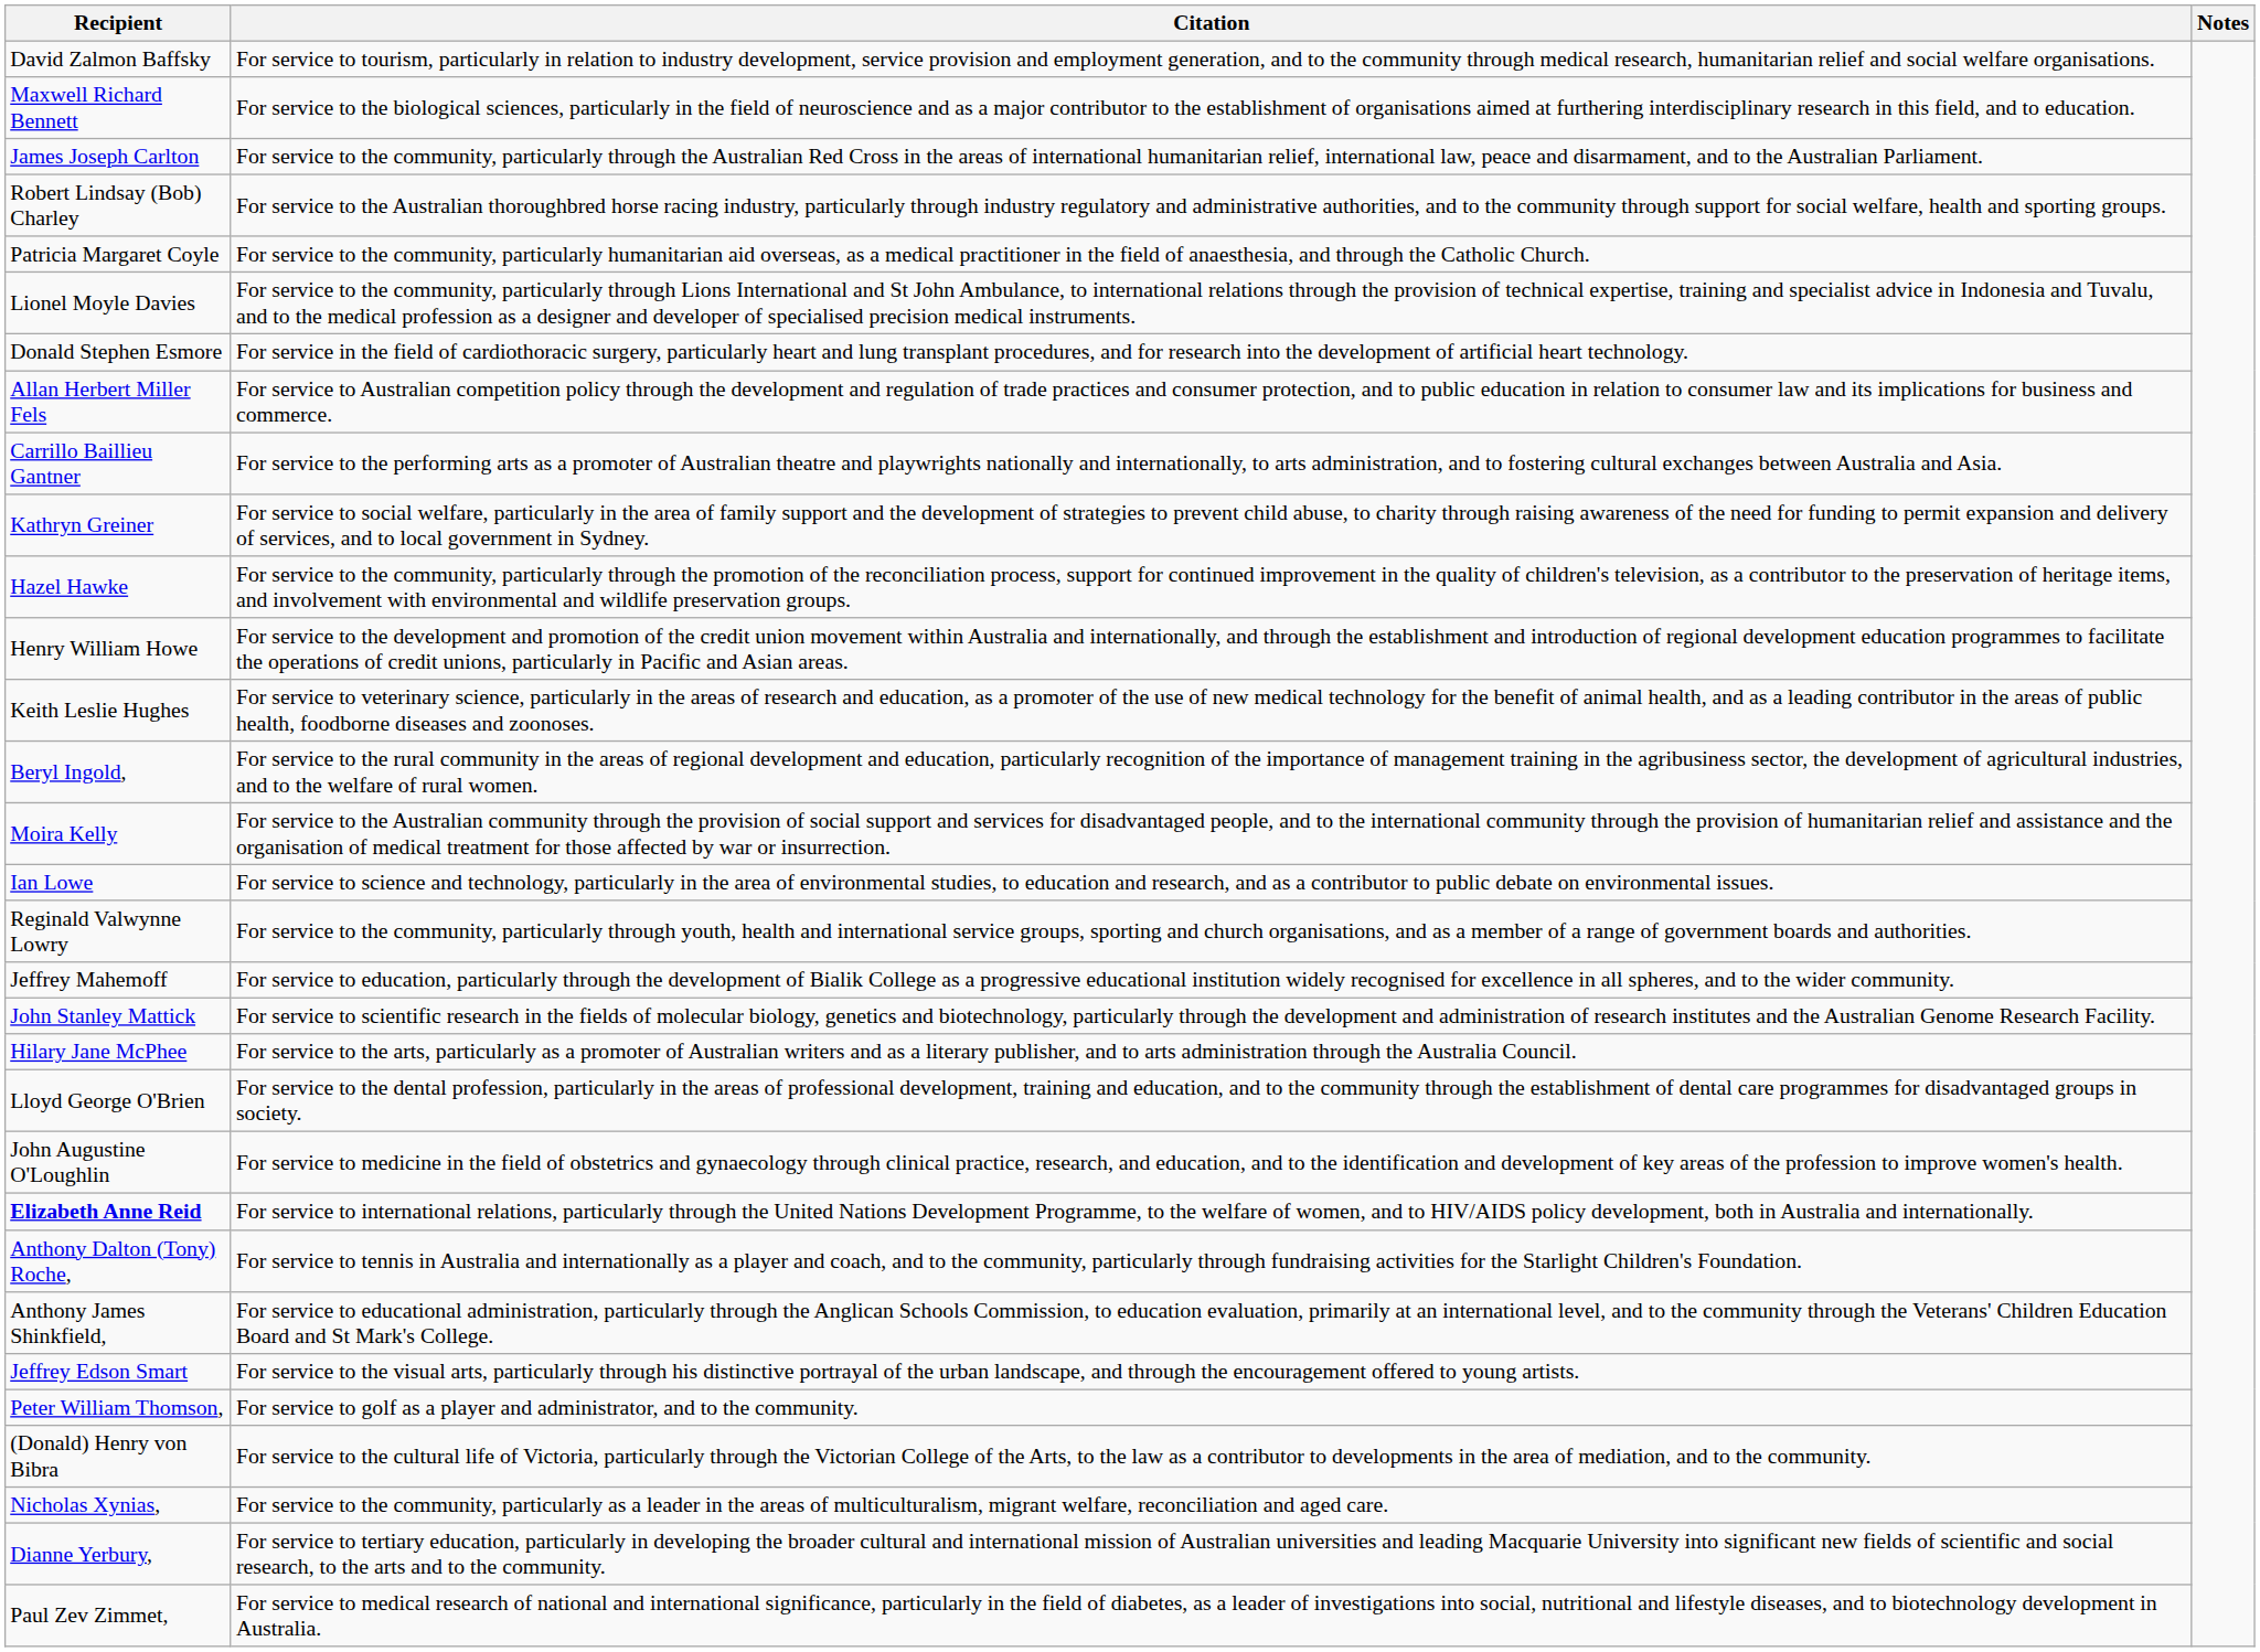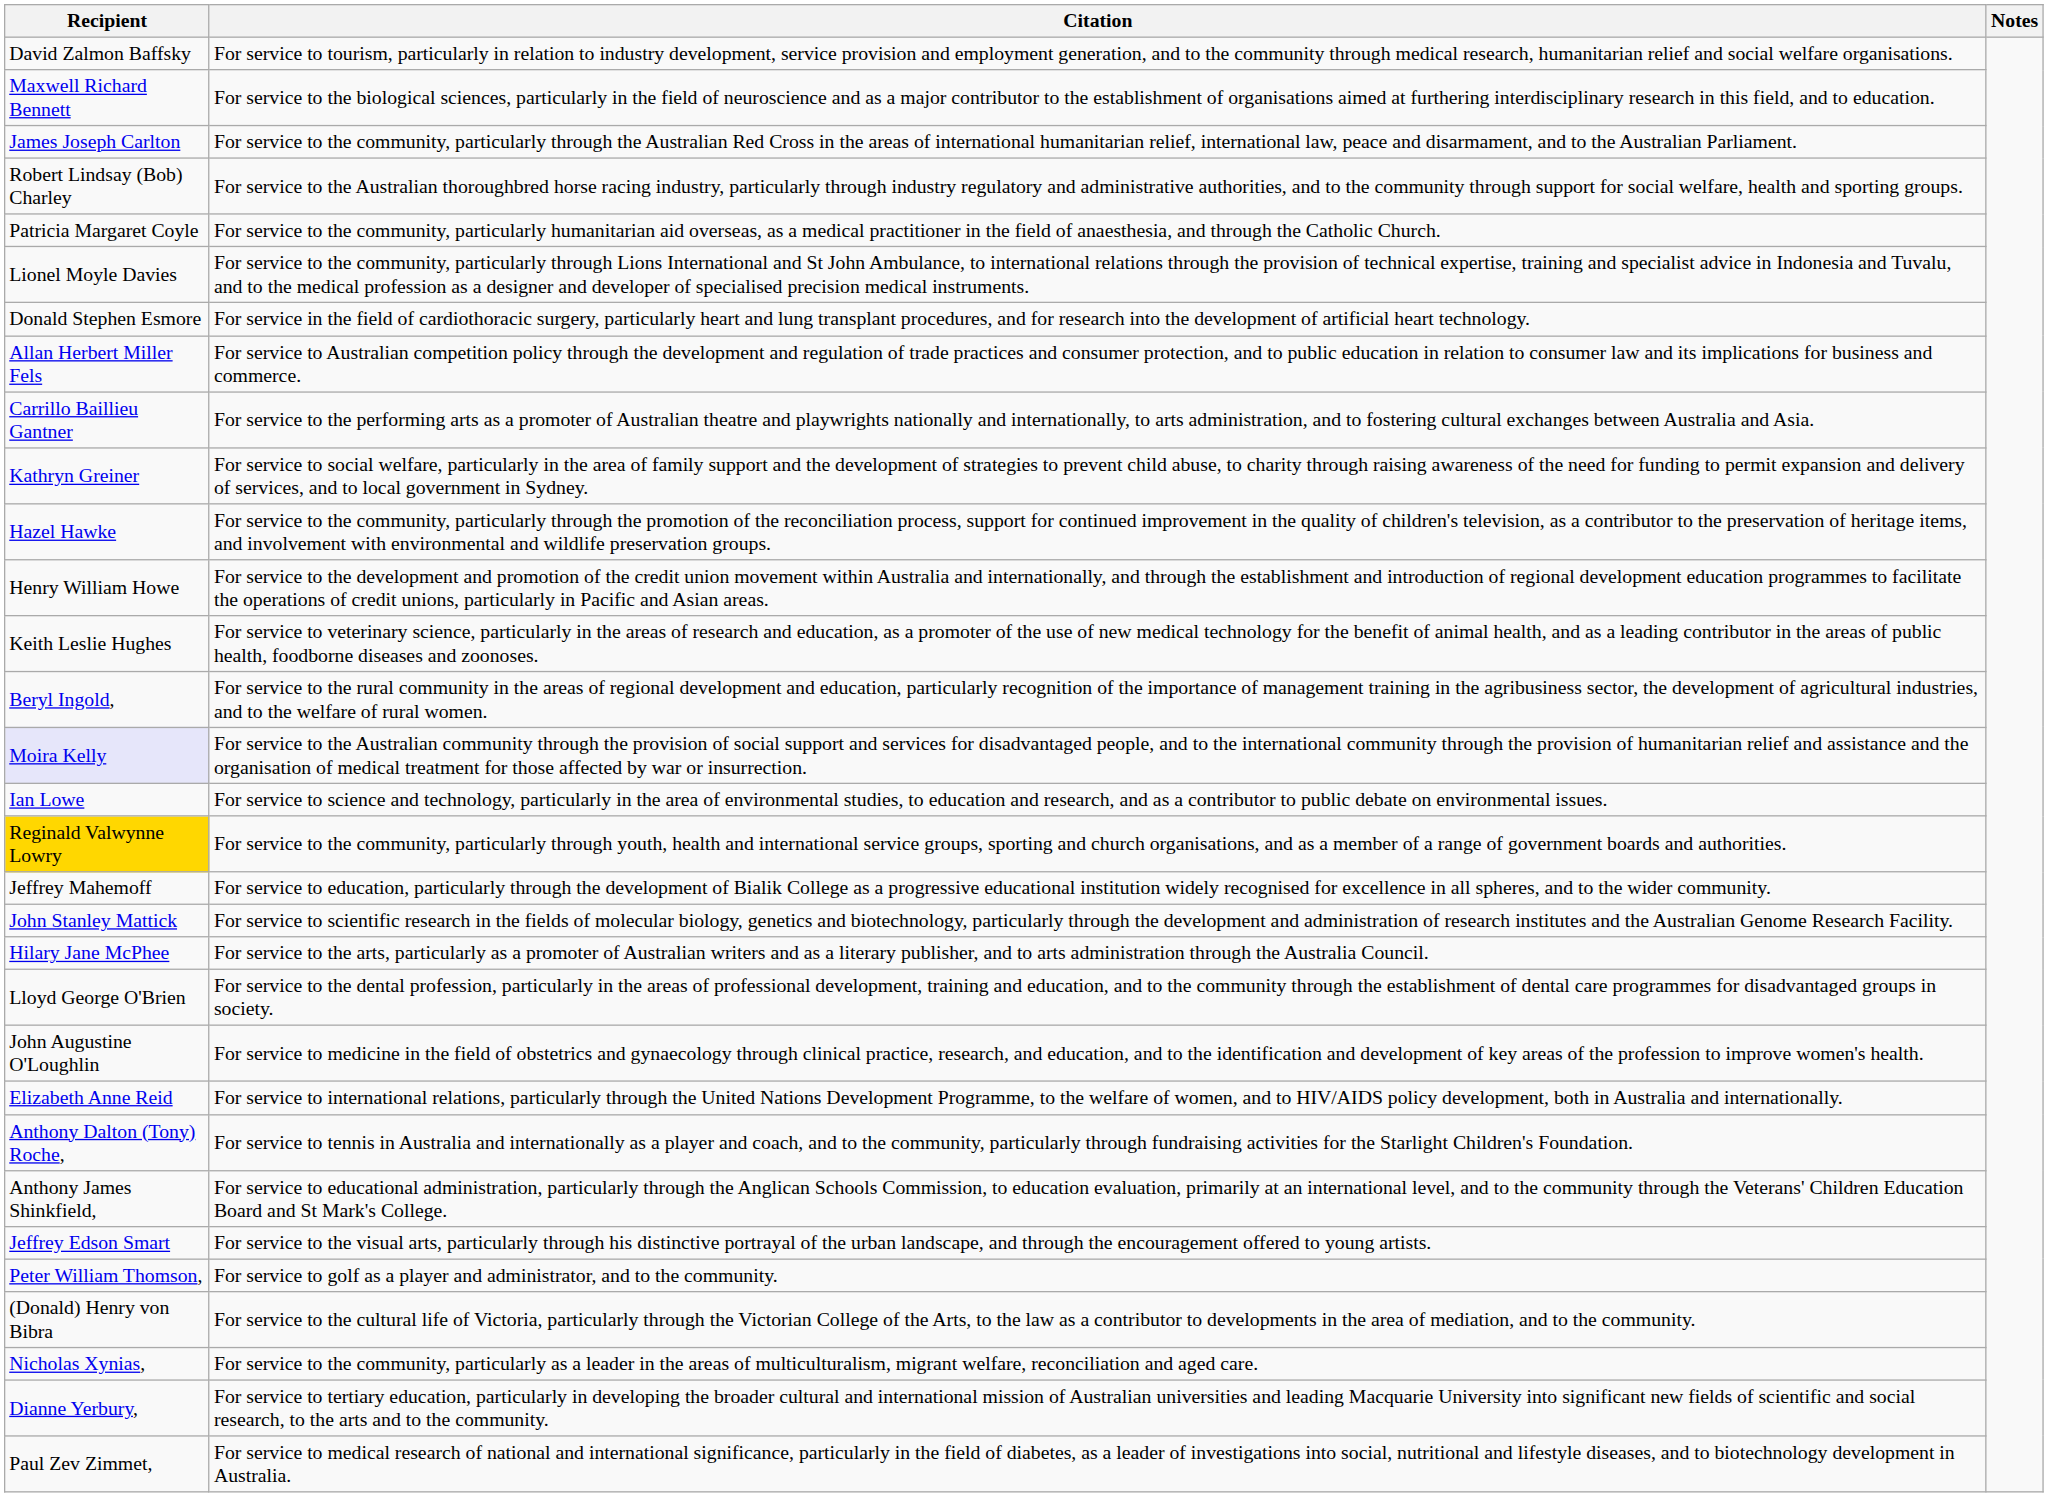 <table class="wikitable" style="font-size:95%;">
 <tr>
 <th>Recipient</th>
 <th>Citation</th>
 <th>Notes</th>
 </tr>
 <tr>
 <td>David Zalmon Baffsky</td>
 <td>For service to tourism, particularly in relation to industry development, service provision and employment generation, and to the community through medical research, humanitarian relief and social welfare organisations.</td>
 <td rowspan=31></td>
 </tr>
 <tr>
 <td> <a href='#'>Maxwell Richard Bennett</a></td>
 <td>For service to the biological sciences, particularly in the field of neuroscience and as a major contributor to the establishment of organisations aimed at furthering interdisciplinary research in this field, and to education.</td>
 </tr>
 <tr>
 <td> <a href='#'>James Joseph Carlton</a></td>
 <td>For service to the community, particularly through the Australian Red Cross in the areas of international humanitarian relief, international law, peace and disarmament, and to the Australian Parliament.</td>
 </tr>
 <tr>
 <td>Robert Lindsay (Bob) Charley</td>
 <td>For service to the Australian thoroughbred horse racing industry, particularly through industry regulatory and administrative authorities, and to the community through support for social welfare, health and sporting groups.</td>
 </tr>
 <tr>
 <td> Patricia Margaret Coyle</td>
 <td>For service to the community, particularly humanitarian aid overseas, as a medical practitioner in the field of anaesthesia, and through the Catholic Church.</td>
 </tr>
 <tr>
 <td>Lionel Moyle Davies </td>
 <td>For service to the community, particularly through Lions International and St John Ambulance, to international relations through the provision of technical expertise, training and specialist advice in Indonesia and Tuvalu, and to the medical profession as a designer and developer of specialised precision medical instruments.</td>
 </tr>
 <tr>
 <td> Donald Stephen Esmore</td>
 <td>For service in the field of cardiothoracic surgery, particularly heart and lung transplant procedures, and for research into the development of artificial heart technology.</td>
 </tr>
 <tr>
 <td> <a href='#'>Allan Herbert Miller Fels</a></td>
 <td>For service to Australian competition policy through the development and regulation of trade practices and consumer protection, and to public education in relation to consumer law and its implications for business and commerce.</td>
 </tr>
 <tr>
 <td><a href='#'>Carrillo Baillieu Gantner</a></td>
 <td>For service to the performing arts as a promoter of Australian theatre and playwrights nationally and internationally, to arts administration, and to fostering cultural exchanges between Australia and Asia.</td>
 </tr>
 <tr>
 <td><a href='#'>Kathryn Greiner</a></td>
 <td>For service to social welfare, particularly in the area of family support and the development of strategies to prevent child abuse, to charity through raising awareness of the need for funding to permit expansion and delivery of services, and to local government in Sydney.</td>
 </tr>
 <tr>
 <td><a href='#'>Hazel Hawke</a></td>
 <td>For service to the community, particularly through the promotion of the reconciliation process, support for continued improvement in the quality of children's television, as a contributor to the preservation of heritage items, and involvement with environmental and wildlife preservation groups.</td>
 </tr>
 <tr>
 <td>Henry William Howe</td>
 <td>For service to the development and promotion of the credit union movement within Australia and internationally, and through the establishment and introduction of regional development education programmes to facilitate the operations of credit unions, particularly in Pacific and Asian areas.</td>
 </tr>
 <tr>
 <td> Keith Leslie Hughes</td>
 <td>For service to veterinary science, particularly in the areas of research and education, as a promoter of the use of new medical technology for the benefit of animal health, and as a leading contributor in the areas of public health, foodborne diseases and zoonoses.</td>
 </tr>
 <tr>
 <td><a href='#'>Beryl Ingold</a>, </td>
 <td>For service to the rural community in the areas of regional development and education, particularly recognition of the importance of management training in the agribusiness sector, the development of agricultural industries, and to the welfare of rural women.</td>
 </tr>
 <tr>
-<td><a href='#'>Moira Kelly</a></td>
+<td style="background: lavender;"><a href='#'>Moira Kelly</a></td>
 <td>For service to the Australian community through the provision of social support and services for disadvantaged people, and to the international community through the provision of humanitarian relief and assistance and the organisation of medical treatment for those affected by war or insurrection.</td>
 </tr>
 <tr>
 <td> <a href='#'>Ian Lowe</a></td>
 <td>For service to science and technology, particularly in the area of environmental studies, to education and research, and as a contributor to public debate on environmental issues.</td>
 </tr>
 <tr>
-<td>Reginald Valwynne Lowry</td>
+<td style="background: gold;">Reginald Valwynne Lowry</td>
 <td>For service to the community, particularly through youth, health and international service groups, sporting and church organisations, and as a member of a range of government boards and authorities.</td>
 </tr>
 <tr>
 <td>Jeffrey Mahemoff</td>
 <td>For service to education, particularly through the development of Bialik College as a progressive educational institution widely recognised for excellence in all spheres, and to the wider community.</td>
 </tr>
 <tr>
 <td> <a href='#'>John Stanley Mattick</a></td>
 <td>For service to scientific research in the fields of molecular biology, genetics and biotechnology, particularly through the development and administration of research institutes and the Australian Genome Research Facility.</td>
 </tr>
 <tr>
 <td><a href='#'>Hilary Jane McPhee</a></td>
 <td>For service to the arts, particularly as a promoter of Australian writers and as a literary publisher, and to arts administration through the Australia Council.</td>
 </tr>
 <tr>
 <td> Lloyd George O'Brien</td>
 <td>For service to the dental profession, particularly in the areas of professional development, training and education, and to the community through the establishment of dental care programmes for disadvantaged groups in society.</td>
 </tr>
 <tr>
 <td> John Augustine O'Loughlin</td>
 <td>For service to medicine in the field of obstetrics and gynaecology through clinical practice, research, and education, and to the identification and development of key areas of the profession to improve women's health.</td>
 </tr>
 <tr>
-<td><strong><a href='#'>Elizabeth Anne Reid</a></strong></td>
+<td><a href='#'>Elizabeth Anne Reid</a></td>
 <td>For service to international relations, particularly through the United Nations Development Programme, to the welfare of women, and to HIV/AIDS policy development, both in Australia and internationally.</td>
 </tr>
 <tr>
 <td><a href='#'>Anthony Dalton (Tony) Roche</a>, </td>
 <td>For service to tennis in Australia and internationally as a player and coach, and to the community, particularly through fundraising activities for the Starlight Children's Foundation.</td>
 </tr>
 <tr>
 <td> Anthony James Shinkfield, </td>
 <td>For service to educational administration, particularly through the Anglican Schools Commission, to education evaluation, primarily at an international level, and to the community through the Veterans' Children Education Board and St Mark's College.</td>
 </tr>
 <tr>
 <td><a href='#'>Jeffrey Edson Smart</a></td>
 <td>For service to the visual arts, particularly through his distinctive portrayal of the urban landscape, and through the encouragement offered to young artists.</td>
 </tr>
 <tr>
 <td><a href='#'>Peter William Thomson</a>, </td>
 <td>For service to golf as a player and administrator, and to the community.</td>
 </tr>
 <tr>
 <td>(Donald) Henry von Bibra</td>
 <td>For service to the cultural life of Victoria, particularly through the Victorian College of the Arts, to the law as a contributor to developments in the area of mediation, and to the community.</td>
 </tr>
 <tr>
 <td><a href='#'>Nicholas Xynias</a>, </td>
 <td>For service to the community, particularly as a leader in the areas of multiculturalism, migrant welfare, reconciliation and aged care.</td>
 </tr>
 <tr>
 <td> <a href='#'>Dianne Yerbury</a>, </td>
 <td>For service to tertiary education, particularly in developing the broader cultural and international mission of Australian universities and leading Macquarie University into significant new fields of scientific and social research, to the arts and to the community.</td>
 </tr>
 <tr>
 <td> Paul Zev Zimmet, </td>
 <td>For service to medical research of national and international significance, particularly in the field of diabetes, as a leader of investigations into social, nutritional and lifestyle diseases, and to biotechnology development in Australia.</td>
 </tr>
 </table>
